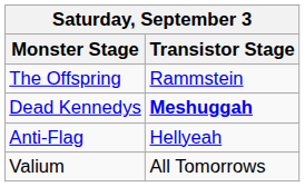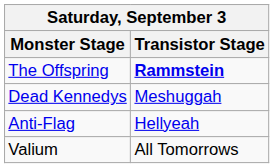 <table class="wikitable">
 <tr>
 <th colspan="4">Saturday, September 3</th>
 </tr>
 <tr>
 <th>Monster Stage</th>
 <th>Transistor Stage</th>
 </tr>
 <tr>
 <td><a href='#'>The Offspring</a></td>
-<td><a href='#'>Rammstein</a></td>
+<td><strong><a href='#'>Rammstein</a></strong></td>
 </tr>
 <tr>
 <td><a href='#'>Dead Kennedys</a></td>
-<td><strong><a href='#'>Meshuggah</a></strong></td>
+<td><a href='#'>Meshuggah</a></td>
 </tr>
 <tr>
 <td><a href='#'>Anti-Flag</a></td>
 <td><a href='#'>Hellyeah</a></td>
 </tr>
 <tr>
 <td>Valium</td>
 <td>All Tomorrows</td>
 </tr>
 </table>
